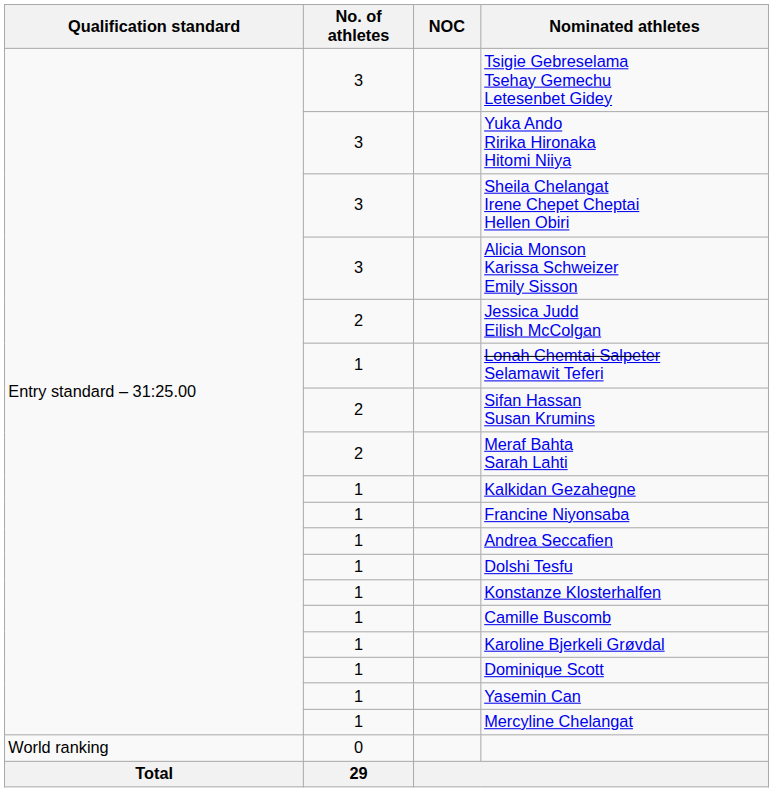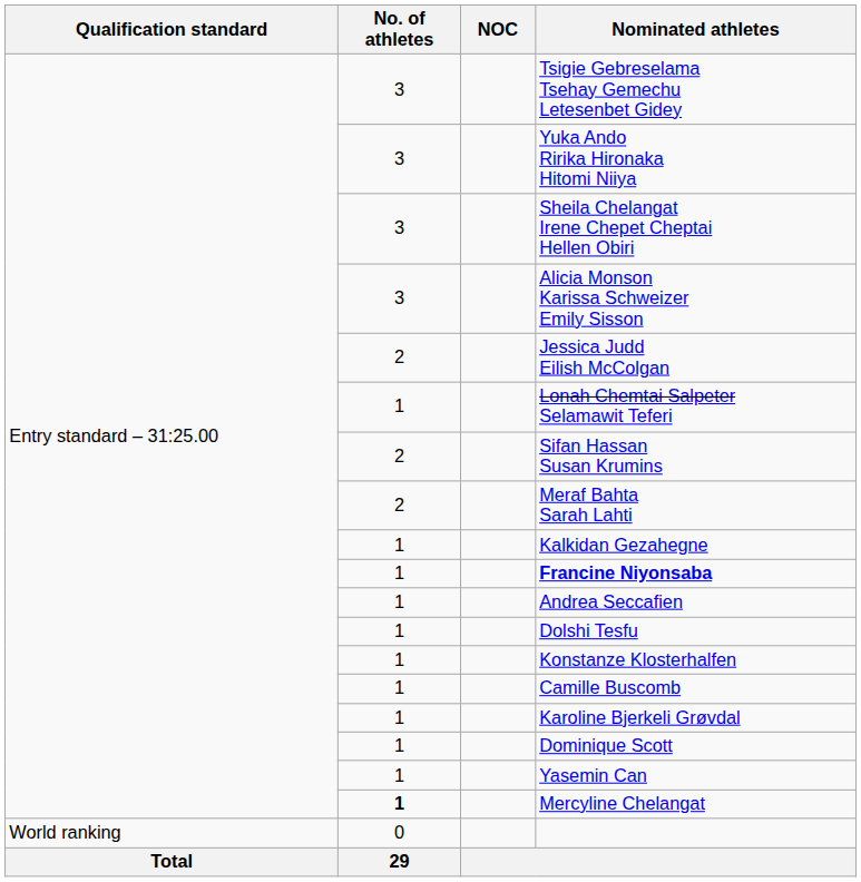 <table class="wikitable" style="text-align:left; width:750px;">
 <tr>
 <th>Qualification standard</th>
 <th width=100>No. of athletes</th>
 <th>NOC</th>
 <th>Nominated athletes</th>
 </tr>
 <tr>
 <td rowspan=18>Entry standard – 31:25.00</td>
 <td align=center>3</td>
 <td></td>
 <td><a href='#'>Tsigie Gebreselama</a><br><a href='#'>Tsehay Gemechu</a><br><a href='#'>Letesenbet Gidey</a></td>
 </tr>
 <tr>
 <td align=center>3</td>
 <td></td>
 <td><a href='#'>Yuka Ando</a><br><a href='#'>Ririka Hironaka</a><br><a href='#'>Hitomi Niiya</a></td>
 </tr>
 <tr>
 <td align=center>3</td>
 <td></td>
 <td><a href='#'>Sheila Chelangat</a><br><a href='#'>Irene Chepet Cheptai</a><br><a href='#'>Hellen Obiri</a></td>
 </tr>
 <tr>
 <td align=center>3</td>
 <td></td>
 <td><a href='#'>Alicia Monson</a><br><a href='#'>Karissa Schweizer</a><br><a href='#'>Emily Sisson</a></td>
 </tr>
 <tr>
 <td align=center>2</td>
 <td></td>
 <td><a href='#'>Jessica Judd</a><br><a href='#'>Eilish McColgan</a></td>
 </tr>
 <tr>
 <td align=center>1</td>
 <td></td>
 <td><s><a href='#'>Lonah Chemtai Salpeter</a></s><br><a href='#'>Selamawit Teferi</a></td>
 </tr>
 <tr>
 <td align=center>2</td>
 <td></td>
 <td><a href='#'>Sifan Hassan</a><br><a href='#'>Susan Krumins</a></td>
 </tr>
 <tr>
 <td align=center>2</td>
 <td></td>
 <td><a href='#'>Meraf Bahta</a><br><a href='#'>Sarah Lahti</a></td>
 </tr>
 <tr>
 <td align=center>1</td>
 <td></td>
 <td><a href='#'>Kalkidan Gezahegne</a></td>
 </tr>
 <tr>
 <td align=center>1</td>
 <td></td>
-<td><a href='#'>Francine Niyonsaba</a></td>
+<td><strong><a href='#'>Francine Niyonsaba</a></strong></td>
 </tr>
 <tr>
 <td align=center>1</td>
 <td></td>
 <td><a href='#'>Andrea Seccafien</a></td>
 </tr>
 <tr>
 <td align=center>1</td>
 <td></td>
 <td><a href='#'>Dolshi Tesfu</a></td>
 </tr>
 <tr>
 <td align=center>1</td>
 <td></td>
 <td><a href='#'>Konstanze Klosterhalfen</a></td>
 </tr>
 <tr>
 <td align=center>1</td>
 <td></td>
 <td><a href='#'>Camille Buscomb</a></td>
 </tr>
 <tr>
 <td align=center>1</td>
 <td></td>
 <td><a href='#'>Karoline Bjerkeli Grøvdal</a></td>
 </tr>
 <tr>
 <td align=center>1</td>
 <td></td>
 <td><a href='#'>Dominique Scott</a></td>
 </tr>
 <tr>
 <td align=center>1</td>
 <td></td>
 <td><a href='#'>Yasemin Can</a></td>
 </tr>
 <tr>
-<td align=center>1</td>
+<td align=center><strong>1</strong></td>
 <td></td>
 <td><a href='#'>Mercyline Chelangat</a></td>
 </tr>
 <tr>
 <td>World ranking</td>
 <td align=center>0</td>
 <td></td>
 <td></td>
 </tr>
 <tr>
 <th>Total</th>
 <th>29</th>
 <th colspan=2></th>
 </tr>
 </table>
